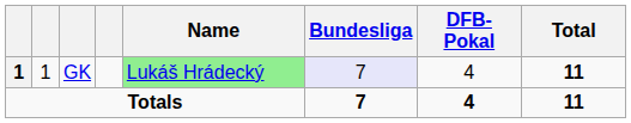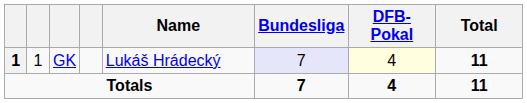 <table class="wikitable" style="text-align:center">
 <tr>
 <th width=15></th>
 <th width=15></th>
 <th width=15></th>
 <th width=15></th>
 <th width=145>Name</th>
 <th width=80><strong><a href='#'>Bundesliga</a></strong></th>
 <th width=80><strong><a href='#'>DFB-Pokal</a></strong></th>
 <th width=80>Total</th>
 </tr>
 <tr>
 <th>1</th>
 <td>1</td>
 <td><a href='#'>GK</a></td>
 <td></td>
-<td align=left style="background: lightgreen;"><a href='#'>Lukáš Hrádecký</a></td>
+<td align=left><a href='#'>Lukáš Hrádecký</a></td>
 <td style="background: lavender;">7</td>
-<td>4</td>
+<td style="background: lightyellow;">4</td>
 <td><strong>11</strong></td>
 </tr>
 <tr>
 <td colspan=5><strong>Totals</strong></td>
 <td><strong>7</strong></td>
 <td><strong>4</strong></td>
 <td><strong>11</strong></td>
 </tr>
 </table>
